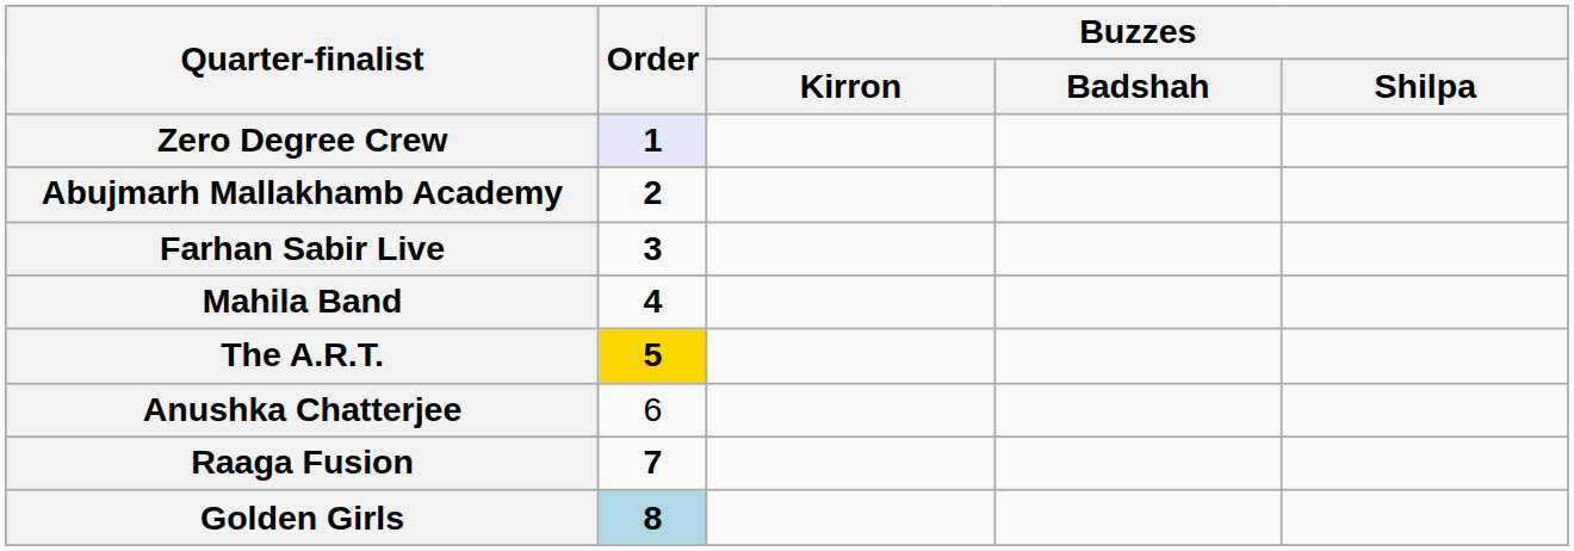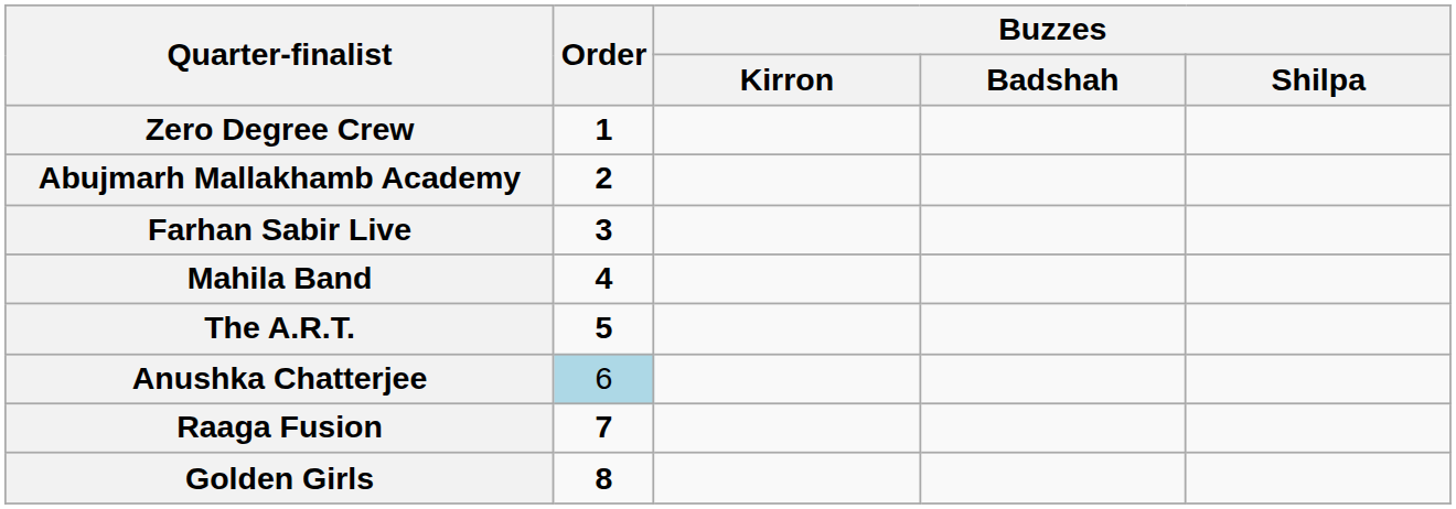 <table class="wikitable plainrowheaders sortable" style="text-align:center;">
 <tr>
 <th rowspan="2" class="unsortable" scope="col" style="width:17em;">Quarter-finalist</th>
 <th rowspan="2" scope="col" style="width:1em;">Order</th>
 <th colspan="3" class="unsortable" scope="col" style="width:24em;">Buzzes</th>
 </tr>
 <tr>
 <th class="unsortable" scope="col" style="width:8em;">Kirron</th>
 <th class="unsortable" scope="col" style="width:8em;">Badshah</th>
 <th class="unsortable" scope="col" style="width:8em;">Shilpa</th>
 </tr>
 <tr>
 <th scope="row"><strong>Zero Degree Crew</strong></th>
-<td style="background: lavender;"><strong>1</strong></td>
+<td><strong>1</strong></td>
 <td style="text-align:center;"><strong></strong></td>
 <td style="text-align:center;"></td>
 <td></td>
 </tr>
 <tr>
 <th scope="row"><strong>Abujmarh Mallakhamb Academy</strong></th>
 <td><strong>2</strong></td>
 <td></td>
 <td></td>
 <td><strong></strong></td>
 </tr>
 <tr>
 <th scope="row"><strong>Farhan Sabir Live</strong></th>
 <td><strong>3</strong></td>
 <td><strong></strong></td>
 <td></td>
 <td></td>
 </tr>
 <tr>
 <th scope="row"><strong>Mahila Band</strong></th>
 <td><strong>4</strong></td>
 <td></td>
 <td></td>
 <td></td>
 </tr>
 <tr>
 <th scope="row"><strong>The A.R.T.</strong></th>
-<td style="background: gold;"><strong>5</strong></td>
+<td><strong>5</strong></td>
 <td><strong></strong></td>
 <td></td>
 <td></td>
 </tr>
 <tr>
 <th scope="row"><strong>Anushka Chatterjee</strong></th>
-<td>6</td>
+<td style="background: lightblue;">6</td>
 <td></td>
 <td></td>
 <td></td>
 </tr>
 <tr>
 <th scope="row"><strong>Raaga Fusion</strong></th>
 <td><strong>7</strong></td>
 <td></td>
 <td></td>
 <td></td>
 </tr>
 <tr>
 <th scope="row"><strong>Golden Girls</strong></th>
-<td style="background: lightblue;"><strong>8</strong></td>
+<td><strong>8</strong></td>
 <td><strong></strong></td>
 <td></td>
 <td></td>
 </tr>
 </table>
